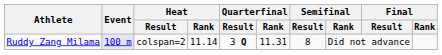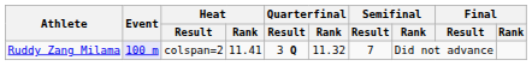 <table class="wikitable" style="font-size:90%">
 <tr>
 <th rowspan="2">Athlete</th>
 <th rowspan="2">Event</th>
 <th colspan="2">Heat</th>
 <th colspan="2">Quarterfinal</th>
 <th colspan="2">Semifinal</th>
 <th colspan="2">Final</th>
 </tr>
 <tr style="font-size:95%">
 <th>Result</th>
 <th>Rank</th>
 <th>Result</th>
 <th>Rank</th>
 <th>Result</th>
 <th>Rank</th>
 <th>Result</th>
 <th>Rank</th>
 </tr>
 <tr align=center>
 <td align=left><a href='#'>Ruddy Zang Milama</a></td>
 <td align=left style="background: lavender;"><a href='#'>100 m</a></td>
 <td>colspan=2 </td>
-<td>11.14</td>
+<td>11.41</td>
 <td>3 <strong>Q</strong></td>
-<td>11.31</td>
-<td>8</td>
+<td>11.32</td>
+<td>7</td>
 <td colspan=2>Did not advance</td>
 </tr>
 </table>
